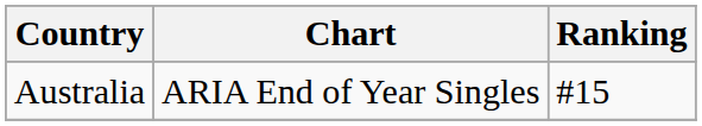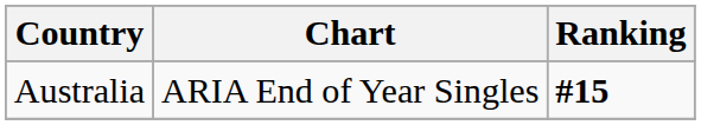 <table class="wikitable" border="1">
 <tr>
 <th>Country</th>
 <th>Chart</th>
 <th>Ranking</th>
 </tr>
 <tr>
 <td>Australia</td>
 <td>ARIA End of Year Singles</td>
-<td>#15</td>
+<td><strong>#15</strong></td>
 </tr>
 <tr>
 </tr>
 </table>
